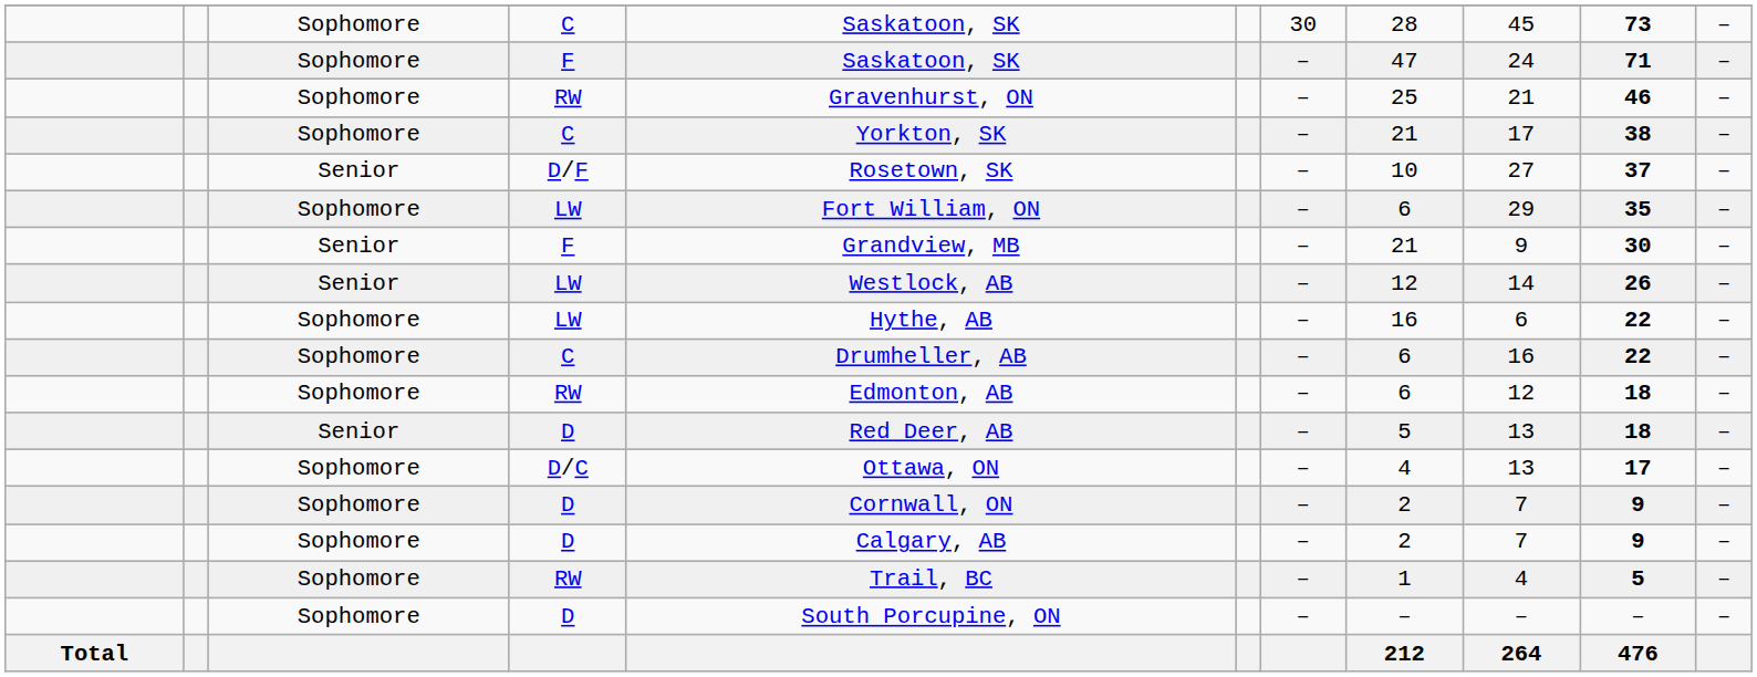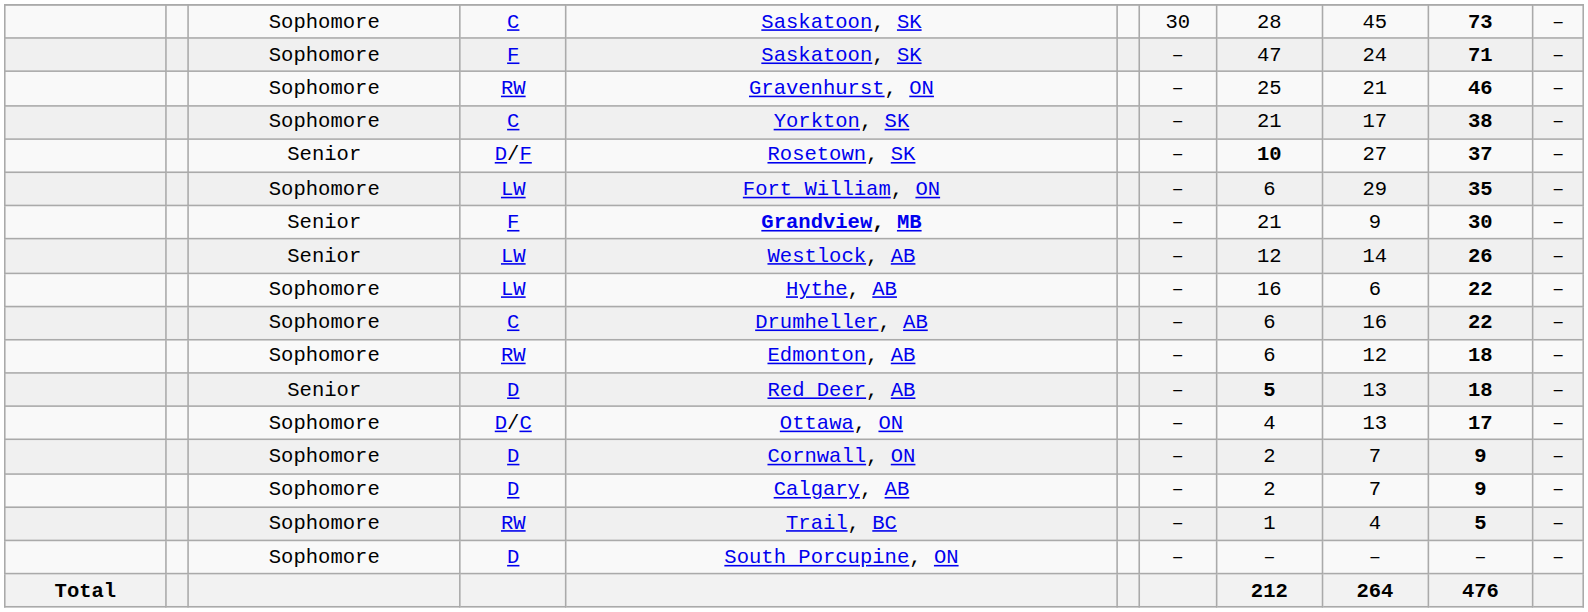 <table class="wikitable sortable" width ="1000">
 <tr align="center">
 </tr>
 <tr align="center" bgcolor="">
 <td></td>
 <td></td>
 <td>Sophomore</td>
 <td><a href='#'>C</a></td>
 <td><a href='#'>Saskatoon</a>, <a href='#'>SK</a></td>
 <td></td>
 <td>30</td>
 <td>28</td>
 <td>45</td>
 <td><strong>73</strong></td>
 <td>–</td>
 </tr>
 <tr align="center" bgcolor="#f0f0f0">
 <td></td>
 <td></td>
 <td>Sophomore</td>
 <td><a href='#'>F</a></td>
 <td><a href='#'>Saskatoon</a>, <a href='#'>SK</a></td>
 <td></td>
 <td>–</td>
 <td>47</td>
 <td>24</td>
 <td><strong>71</strong></td>
 <td>–</td>
 </tr>
 <tr align="center" bgcolor="">
 <td></td>
 <td></td>
 <td>Sophomore</td>
 <td><a href='#'>RW</a></td>
 <td><a href='#'>Gravenhurst</a>, <a href='#'>ON</a></td>
 <td></td>
 <td>–</td>
 <td>25</td>
 <td>21</td>
 <td><strong>46</strong></td>
 <td>–</td>
 </tr>
 <tr align="center" bgcolor="#f0f0f0">
 <td></td>
 <td></td>
 <td>Sophomore</td>
 <td><a href='#'>C</a></td>
 <td><a href='#'>Yorkton</a>, <a href='#'>SK</a></td>
 <td></td>
 <td>–</td>
 <td>21</td>
 <td>17</td>
 <td><strong>38</strong></td>
 <td>–</td>
 </tr>
 <tr align="center" bgcolor="">
 <td></td>
 <td></td>
 <td>Senior</td>
 <td><a href='#'>D</a>/<a href='#'>F</a></td>
 <td><a href='#'>Rosetown</a>, <a href='#'>SK</a></td>
 <td></td>
 <td>–</td>
-<td>10</td>
+<td><strong>10</strong></td>
 <td>27</td>
 <td><strong>37</strong></td>
 <td>–</td>
 </tr>
 <tr align="center" bgcolor="#f0f0f0">
 <td></td>
 <td></td>
 <td>Sophomore</td>
 <td><a href='#'>LW</a></td>
 <td><a href='#'>Fort William</a>, <a href='#'>ON</a></td>
 <td></td>
 <td>–</td>
 <td>6</td>
 <td>29</td>
 <td><strong>35</strong></td>
 <td>–</td>
 </tr>
 <tr align="center" bgcolor="">
 <td></td>
 <td></td>
 <td>Senior</td>
 <td><a href='#'>F</a></td>
-<td><a href='#'>Grandview</a>, <a href='#'>MB</a></td>
+<td><strong><a href='#'>Grandview</a>, <a href='#'>MB</a></strong></td>
 <td></td>
 <td>–</td>
 <td>21</td>
 <td>9</td>
 <td><strong>30</strong></td>
 <td>–</td>
 </tr>
 <tr align="center" bgcolor="#f0f0f0">
 <td></td>
 <td></td>
 <td>Senior</td>
 <td><a href='#'>LW</a></td>
 <td><a href='#'>Westlock</a>, <a href='#'>AB</a></td>
 <td></td>
 <td>–</td>
 <td>12</td>
 <td>14</td>
 <td><strong>26</strong></td>
 <td>–</td>
 </tr>
 <tr align="center" bgcolor="">
 <td></td>
 <td></td>
 <td>Sophomore</td>
 <td><a href='#'>LW</a></td>
 <td><a href='#'>Hythe</a>, <a href='#'>AB</a></td>
 <td></td>
 <td>–</td>
 <td>16</td>
 <td>6</td>
 <td><strong>22</strong></td>
 <td>–</td>
 </tr>
 <tr align="center" bgcolor="#f0f0f0">
 <td></td>
 <td></td>
 <td>Sophomore</td>
 <td><a href='#'>C</a></td>
 <td><a href='#'>Drumheller</a>, <a href='#'>AB</a></td>
 <td></td>
 <td>–</td>
 <td>6</td>
 <td>16</td>
 <td><strong>22</strong></td>
 <td>–</td>
 </tr>
 <tr align="center" bgcolor="">
 <td></td>
 <td></td>
 <td>Sophomore</td>
 <td><a href='#'>RW</a></td>
 <td><a href='#'>Edmonton</a>, <a href='#'>AB</a></td>
 <td></td>
 <td>–</td>
 <td>6</td>
 <td>12</td>
 <td><strong>18</strong></td>
 <td>–</td>
 </tr>
 <tr align="center" bgcolor="#f0f0f0">
 <td></td>
 <td></td>
 <td>Senior</td>
 <td><a href='#'>D</a></td>
 <td><a href='#'>Red Deer</a>, <a href='#'>AB</a></td>
 <td></td>
 <td>–</td>
-<td>5</td>
+<td><strong>5</strong></td>
 <td>13</td>
 <td><strong>18</strong></td>
 <td>–</td>
 </tr>
 <tr align="center" bgcolor="">
 <td></td>
 <td></td>
 <td>Sophomore</td>
 <td><a href='#'>D</a>/<a href='#'>C</a></td>
 <td><a href='#'>Ottawa</a>, <a href='#'>ON</a></td>
 <td></td>
 <td>–</td>
 <td>4</td>
 <td>13</td>
 <td><strong>17</strong></td>
 <td>–</td>
 </tr>
 <tr align="center" bgcolor="#f0f0f0">
 <td></td>
 <td></td>
 <td>Sophomore</td>
 <td><a href='#'>D</a></td>
 <td><a href='#'>Cornwall</a>, <a href='#'>ON</a></td>
 <td></td>
 <td>–</td>
 <td>2</td>
 <td>7</td>
 <td><strong>9</strong></td>
 <td>–</td>
 </tr>
 <tr align="center" bgcolor="">
 <td></td>
 <td></td>
 <td>Sophomore</td>
 <td><a href='#'>D</a></td>
 <td><a href='#'>Calgary</a>, <a href='#'>AB</a></td>
 <td></td>
 <td>–</td>
 <td>2</td>
 <td>7</td>
 <td><strong>9</strong></td>
 <td>–</td>
 </tr>
 <tr align="center" bgcolor="#f0f0f0">
 <td></td>
 <td></td>
 <td>Sophomore</td>
 <td><a href='#'>RW</a></td>
 <td><a href='#'>Trail</a>, <a href='#'>BC</a></td>
 <td></td>
 <td>–</td>
 <td>1</td>
 <td>4</td>
 <td><strong>5</strong></td>
 <td>–</td>
 </tr>
 <tr align="center" bgcolor="">
 <td></td>
 <td></td>
 <td>Sophomore</td>
 <td><a href='#'>D</a></td>
 <td><a href='#'>South Porcupine</a>, <a href='#'>ON</a></td>
 <td></td>
 <td>–</td>
 <td>–</td>
 <td>–</td>
 <td>–</td>
 <td>–</td>
 </tr>
 <tr>
 <th>Total</th>
 <th></th>
 <th></th>
 <th></th>
 <th></th>
 <th></th>
 <th></th>
 <th>212</th>
 <th>264</th>
 <th>476</th>
 <th></th>
 </tr>
 </table>
